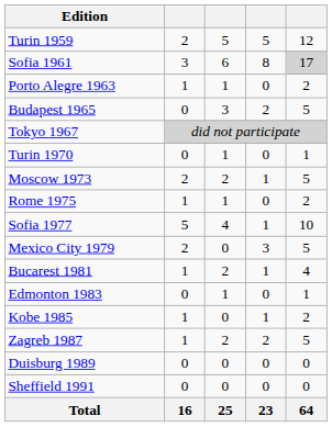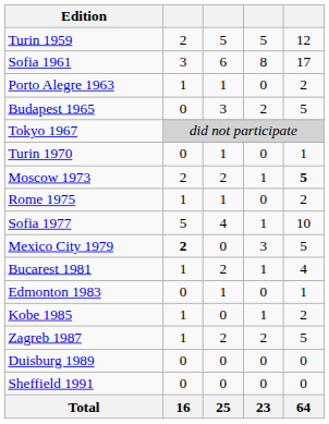 <table class="wikitable" width="40%" style="font-size:100%; text-align:center;">
 <tr>
 <th>Edition</th>
 <th></th>
 <th></th>
 <th></th>
 <th></th>
 </tr>
 <tr>
 <td align="left"> <a href='#'>Turin 1959</a></td>
 <td>2</td>
 <td>5</td>
 <td>5</td>
 <td>12</td>
 </tr>
 <tr>
 <td align="left"> <a href='#'>Sofia 1961</a></td>
 <td>3</td>
 <td>6</td>
 <td>8</td>
-<td style="background: lightgrey;">17</td>
+<td>17</td>
 </tr>
 <tr>
 <td align="left"> <a href='#'>Porto Alegre 1963</a></td>
 <td>1</td>
 <td>1</td>
 <td>0</td>
 <td>2</td>
 </tr>
 <tr>
 <td align="left"> <a href='#'>Budapest 1965</a></td>
 <td>0</td>
 <td>3</td>
 <td>2</td>
 <td>5</td>
 </tr>
 <tr>
 <td align="left"> <a href='#'>Tokyo 1967</a></td>
 <td colspan="4" bgcolor="lightgrey"><em>did not participate</em></td>
 </tr>
 <tr>
 <td align="left"> <a href='#'>Turin 1970</a></td>
 <td>0</td>
 <td>1</td>
 <td>0</td>
 <td>1</td>
 </tr>
 <tr>
 <td align="left"> <a href='#'>Moscow 1973</a></td>
 <td>2</td>
 <td>2</td>
 <td>1</td>
-<td>5</td>
+<td><strong>5</strong></td>
 </tr>
 <tr>
 <td align="left"> <a href='#'>Rome 1975</a></td>
 <td>1</td>
 <td>1</td>
 <td>0</td>
 <td>2</td>
 </tr>
 <tr>
 <td align="left"> <a href='#'>Sofia 1977</a></td>
 <td>5</td>
 <td>4</td>
 <td>1</td>
 <td>10</td>
 </tr>
 <tr>
 <td align="left"> <a href='#'>Mexico City 1979</a></td>
-<td>2</td>
+<td><strong>2</strong></td>
 <td>0</td>
 <td>3</td>
 <td>5</td>
 </tr>
 <tr>
 <td align="left"> <a href='#'>Bucarest 1981</a></td>
 <td>1</td>
 <td>2</td>
 <td>1</td>
 <td>4</td>
 </tr>
 <tr>
 <td align="left"> <a href='#'>Edmonton 1983</a></td>
 <td>0</td>
 <td>1</td>
 <td>0</td>
 <td>1</td>
 </tr>
 <tr>
 <td align="left"> <a href='#'>Kobe 1985</a></td>
 <td>1</td>
 <td>0</td>
 <td>1</td>
 <td>2</td>
 </tr>
 <tr>
 <td align="left"> <a href='#'>Zagreb 1987</a></td>
 <td>1</td>
 <td>2</td>
 <td>2</td>
 <td>5</td>
 </tr>
 <tr>
 <td align="left"> <a href='#'>Duisburg 1989</a></td>
 <td>0</td>
 <td>0</td>
 <td>0</td>
 <td>0</td>
 </tr>
 <tr>
 <td align="left"> <a href='#'>Sheffield 1991</a></td>
 <td>0</td>
 <td>0</td>
 <td>0</td>
 <td>0</td>
 </tr>
 <tr>
 <th>Total</th>
 <th>16</th>
 <th>25</th>
 <th>23</th>
 <th>64</th>
 </tr>
 </table>
